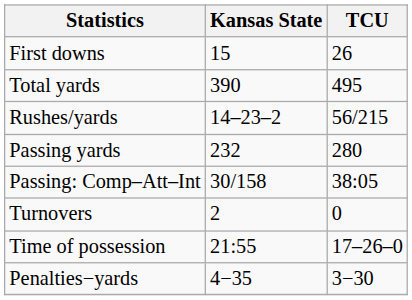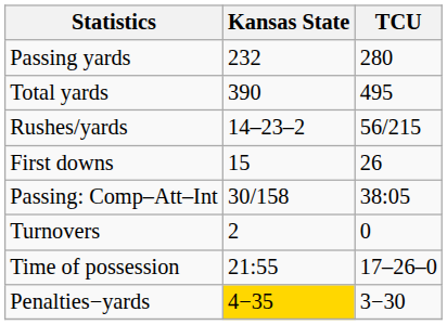 <table class="wikitable" style="float: left;">
 <tr>
 <th>Statistics</th>
 <th>Kansas State</th>
 <th>TCU</th>
 </tr>
 <tr>
-<td>First downs</td>
-<td>15</td>
-<td>26</td>
+<td>Passing yards</td>
+<td>232</td>
+<td>280</td>
 </tr>
 <tr>
 <td>Total yards</td>
 <td>390</td>
 <td>495</td>
 </tr>
 <tr>
 <td>Rushes/yards</td>
 <td>14–23–2</td>
 <td>56/215</td>
 </tr>
 <tr>
-<td>Passing yards</td>
-<td>232</td>
-<td>280</td>
+<td>First downs</td>
+<td>15</td>
+<td>26</td>
 </tr>
 <tr>
 <td>Passing: Comp–Att–Int</td>
 <td>30/158</td>
 <td>38:05</td>
 </tr>
 <tr>
 <td>Turnovers</td>
 <td>2</td>
 <td>0</td>
 </tr>
 <tr>
 <td>Time of possession</td>
 <td>21:55</td>
 <td>17–26–0</td>
 </tr>
 <tr>
 <td>Penalties−yards</td>
-<td>4−35</td>
+<td style="background: gold;">4−35</td>
 <td>3−30</td>
 </tr>
 <tr>
 </tr>
 </table>
